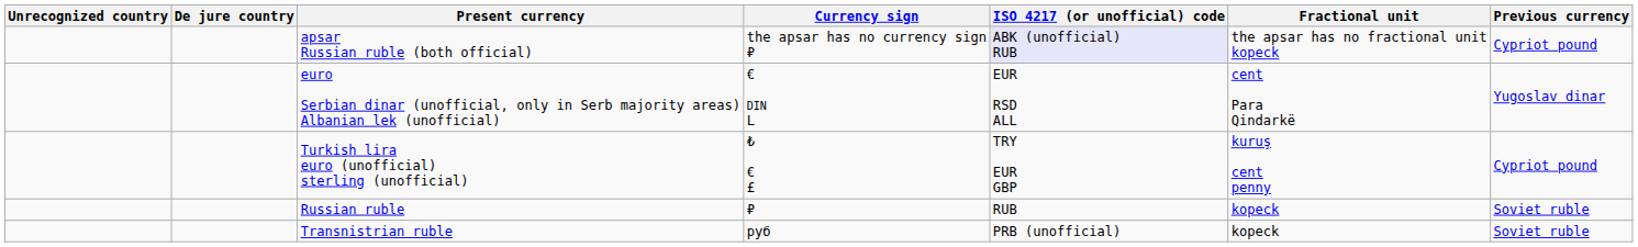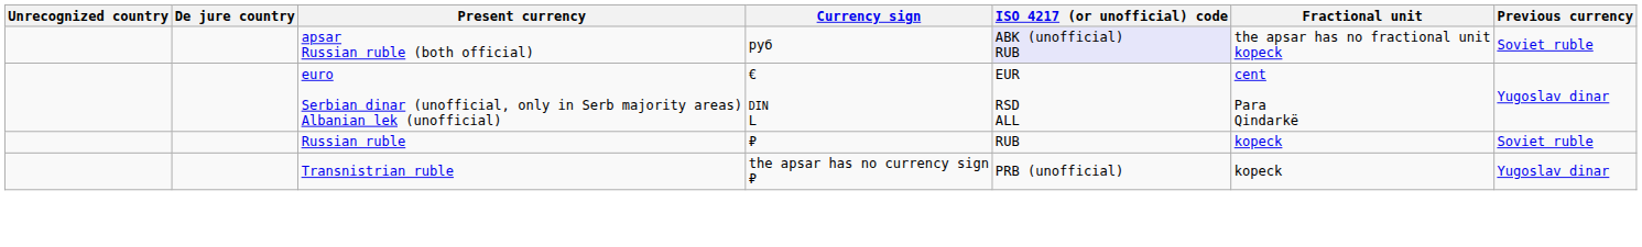 <table class="wikitable sortable static-row-numbers static-row-header-text">
 <tr>
 <th>Unrecognized country</th>
 <th>De jure country</th>
 <th>Present currency</th>
 <th><a href='#'>Currency sign</a></th>
 <th><a href='#'>ISO 4217</a> (or unofficial) code</th>
 <th>Fractional unit</th>
 <th>Previous currency</th>
 </tr>
 <tr>
 <td></td>
 <td></td>
 <td><a href='#'>apsar</a><br><a href='#'>Russian ruble</a> (both official)</td>
-<td>the apsar has no currency sign<br>₽</td>
+<td>руб</td>
 <td style="background: lavender;">ABK (unofficial)<br>RUB</td>
 <td>the apsar has no fractional unit<br><a href='#'>kopeck</a></td>
-<td><a href='#'>Cypriot pound</a></td>
+<td><a href='#'>Soviet ruble</a></td>
 </tr>
 <tr>
 <td></td>
 <td></td>
 <td><a href='#'>euro</a><br><br><a href='#'>Serbian dinar</a> (unofficial, only in Serb majority areas)<br> <a href='#'>Albanian lek</a> (unofficial)</td>
 <td>€<br><br><small>DIN</small><br> L</td>
 <td>EUR<br><br>RSD<br> ALL</td>
 <td><a href='#'>cent</a><br><br>Para<br> Qindarkë</td>
 <td><a href='#'>Yugoslav dinar</a></td>
-</tr>
-<tr>
-<td></td>
-<td></td>
-<td><a href='#'>Turkish lira</a><br> <a href='#'>euro</a> (unofficial)<br> <a href='#'>sterling</a> (unofficial)</td>
-<td>₺<br><br>€<br> £</td>
-<td>TRY<br><br>EUR<br> GBP</td>
-<td><a href='#'>kuruş</a><br><br><a href='#'>cent</a><br> <a href='#'>penny</a></td>
-<td><a href='#'>Cypriot pound</a></td>
 </tr>
 <tr>
 <td></td>
 <td></td>
 <td><a href='#'>Russian ruble</a></td>
 <td>₽</td>
 <td>RUB</td>
 <td><a href='#'>kopeck</a></td>
 <td><a href='#'>Soviet ruble</a></td>
 </tr>
 <tr>
 <td></td>
 <td></td>
 <td><a href='#'>Transnistrian ruble</a></td>
-<td>руб</td>
+<td>the apsar has no currency sign<br>₽</td>
 <td>PRB (unofficial)</td>
 <td>kopeck</td>
-<td><a href='#'>Soviet ruble</a></td>
+<td><a href='#'>Yugoslav dinar</a></td>
 </tr>
 </table>
